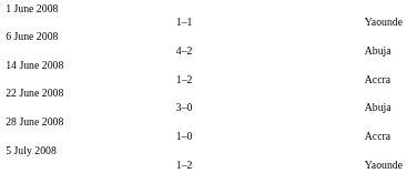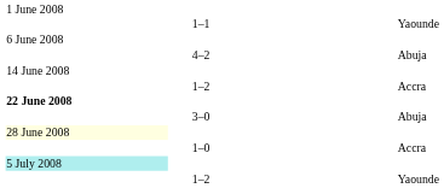 <table style="width:100%;" cellspacing="1">
 <tr>
 <th width=25%></th>
 <th width=10%></th>
 <th width=25%></th>
 </tr>
 <tr>
 <td>1 June 2008</td>
 </tr>
 <tr>
 <td align=right></td>
 <td align=center>1–1</td>
 <td></td>
 <td>Yaounde</td>
 </tr>
 <tr>
 <td>6 June 2008</td>
 </tr>
 <tr>
 <td align=right></td>
 <td align=center>4–2</td>
 <td></td>
 <td>Abuja</td>
 </tr>
 <tr>
 <td>14 June 2008</td>
 </tr>
 <tr>
 <td align=right></td>
 <td align=center>1–2</td>
 <td></td>
 <td>Accra</td>
 </tr>
 <tr>
-<td>22 June 2008</td>
+<td><strong>22 June 2008</strong></td>
 </tr>
 <tr>
 <td align=right></td>
 <td align=center>3–0</td>
 <td></td>
 <td>Abuja</td>
 </tr>
 <tr>
-<td>28 June 2008</td>
+<td style="background: lightyellow;">28 June 2008</td>
 </tr>
 <tr>
 <td align=right></td>
 <td align=center>1–0</td>
 <td></td>
 <td>Accra</td>
 </tr>
 <tr>
-<td>5 July 2008</td>
+<td style="background: paleturquoise;">5 July 2008</td>
 </tr>
 <tr>
 <td align=right></td>
 <td align=center>1–2</td>
 <td></td>
 <td>Yaounde</td>
 </tr>
 </table>
